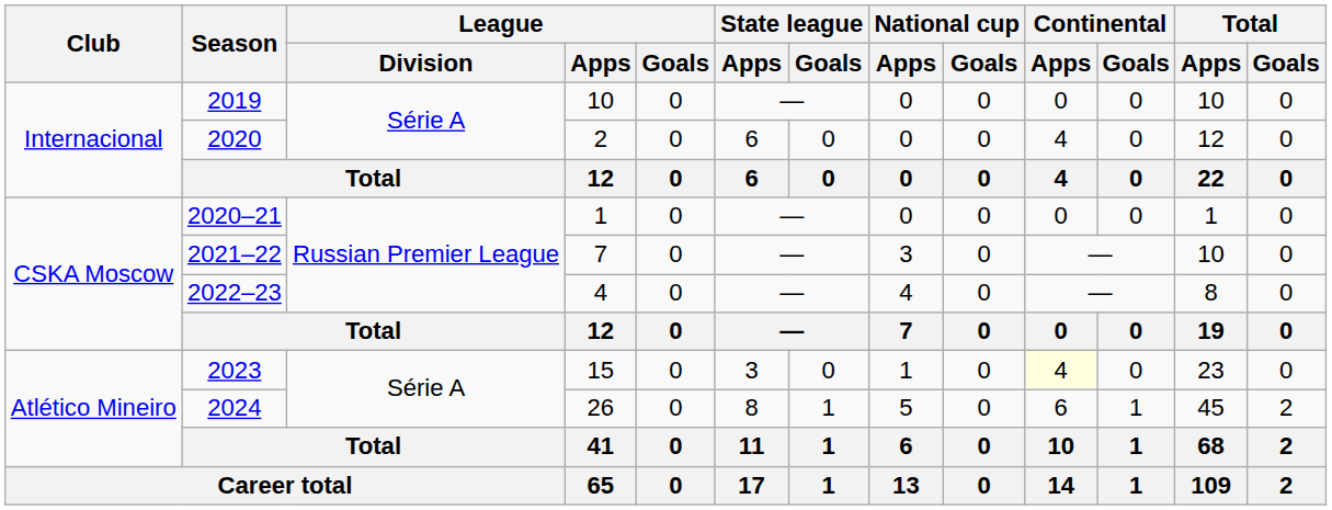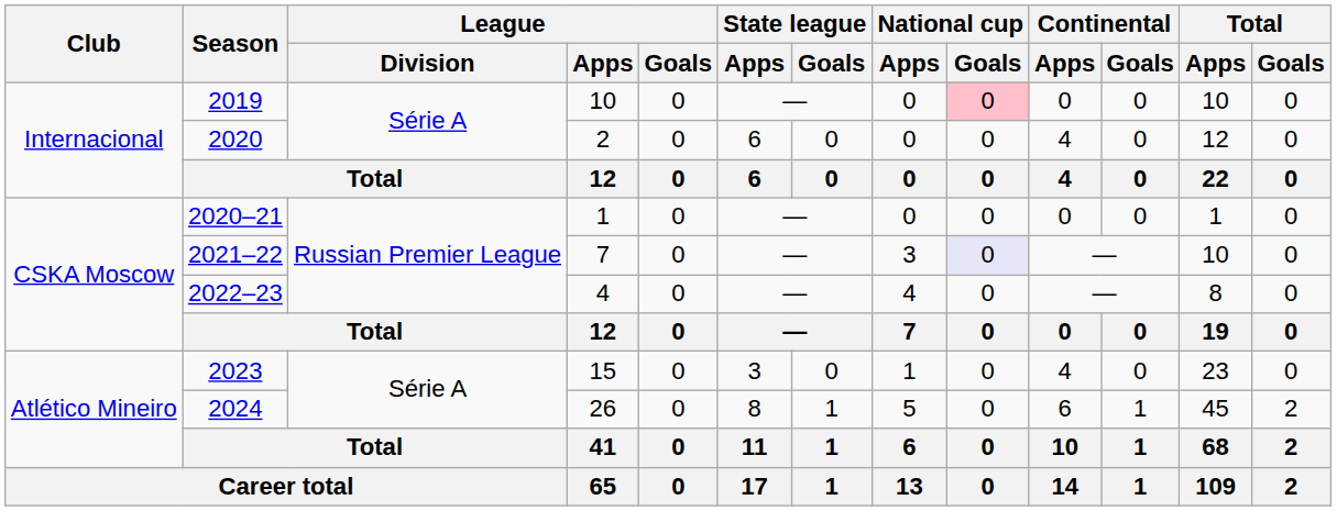 <table class="wikitable" style="text-align:center">
 <tr>
 <th rowspan="2">Club</th>
 <th rowspan="2">Season</th>
 <th colspan="3">League</th>
 <th colspan="2">State league</th>
 <th colspan="2">National cup</th>
 <th colspan="2">Continental</th>
 <th colspan="2">Total</th>
 </tr>
 <tr>
 <th>Division</th>
 <th>Apps</th>
 <th>Goals</th>
 <th>Apps</th>
 <th>Goals</th>
 <th>Apps</th>
 <th>Goals</th>
 <th>Apps</th>
 <th>Goals</th>
 <th>Apps</th>
 <th>Goals</th>
 </tr>
 <tr>
 <td rowspan="3"><a href='#'>Internacional</a></td>
 <td><a href='#'>2019</a></td>
 <td rowspan="2"><a href='#'>Série A</a></td>
 <td>10</td>
 <td>0</td>
 <td colspan="2">—</td>
 <td>0</td>
-<td>0</td>
+<td style="background: pink;">0</td>
 <td>0</td>
 <td>0</td>
 <td>10</td>
 <td>0</td>
 </tr>
 <tr>
 <td><a href='#'>2020</a></td>
 <td>2</td>
 <td>0</td>
 <td>6</td>
 <td>0</td>
 <td>0</td>
 <td>0</td>
 <td>4</td>
 <td>0</td>
 <td>12</td>
 <td>0</td>
 </tr>
 <tr>
 <th colspan="2">Total</th>
 <th>12</th>
 <th>0</th>
 <th>6</th>
 <th>0</th>
 <th>0</th>
 <th>0</th>
 <th>4</th>
 <th>0</th>
 <th>22</th>
 <th>0</th>
 </tr>
 <tr>
 <td rowspan="4"><a href='#'>CSKA Moscow</a></td>
 <td><a href='#'>2020–21</a></td>
 <td rowspan=3><a href='#'>Russian Premier League</a></td>
 <td>1</td>
 <td>0</td>
 <td colspan="2">—</td>
 <td>0</td>
 <td>0</td>
 <td>0</td>
 <td>0</td>
 <td>1</td>
 <td>0</td>
 </tr>
 <tr>
 <td><a href='#'>2021–22</a></td>
 <td>7</td>
 <td>0</td>
 <td colspan="2">—</td>
 <td>3</td>
-<td>0</td>
+<td style="background: lavender;">0</td>
 <td colspan="2">—</td>
 <td>10</td>
 <td>0</td>
 </tr>
 <tr>
 <td><a href='#'>2022–23</a></td>
 <td>4</td>
 <td>0</td>
 <td colspan="2">—</td>
 <td>4</td>
 <td>0</td>
 <td colspan="2">—</td>
 <td>8</td>
 <td>0</td>
 </tr>
 <tr>
 <th colspan="2">Total</th>
 <th>12</th>
 <th>0</th>
 <th colspan="2">—</th>
 <th>7</th>
 <th>0</th>
 <th>0</th>
 <th>0</th>
 <th>19</th>
 <th>0</th>
 </tr>
 <tr>
 <td rowspan="3"><a href='#'>Atlético Mineiro</a></td>
 <td><a href='#'>2023</a></td>
 <td rowspan=2>Série A</td>
 <td>15</td>
 <td>0</td>
 <td>3</td>
 <td>0</td>
 <td>1</td>
 <td>0</td>
-<td style="background: lightyellow;">4</td>
+<td>4</td>
 <td>0</td>
 <td>23</td>
 <td>0</td>
 </tr>
 <tr>
 <td><a href='#'>2024</a></td>
 <td>26</td>
 <td>0</td>
 <td>8</td>
 <td>1</td>
 <td>5</td>
 <td>0</td>
 <td>6</td>
 <td>1</td>
 <td>45</td>
 <td>2</td>
 </tr>
 <tr>
 <th colspan="2">Total</th>
 <th>41</th>
 <th>0</th>
 <th>11</th>
 <th>1</th>
 <th>6</th>
 <th>0</th>
 <th>10</th>
 <th>1</th>
 <th>68</th>
 <th>2</th>
 </tr>
 <tr>
 <th colspan="3">Career total</th>
 <th>65</th>
 <th>0</th>
 <th>17</th>
 <th>1</th>
 <th>13</th>
 <th>0</th>
 <th>14</th>
 <th>1</th>
 <th>109</th>
 <th>2</th>
 </tr>
 </table>
